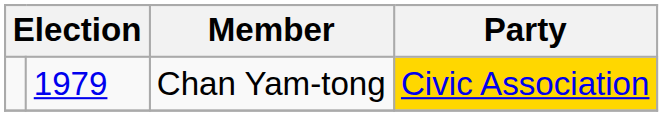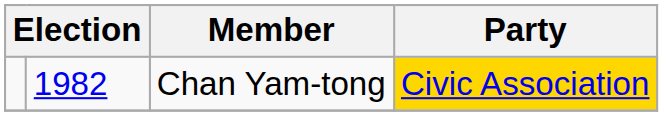 <table class="wikitable">
 <tr>
 <th colspan="2">Election</th>
 <th>Member</th>
 <th>Party</th>
 </tr>
 <tr>
 <td style="background-color:"></td>
-<td><a href='#'>1979</a></td>
+<td><a href='#'>1982</a></td>
 <td>Chan Yam-tong</td>
 <td style="background: gold;"><a href='#'>Civic Association</a></td>
 </tr>
 <tr>
 </tr>
 </table>
